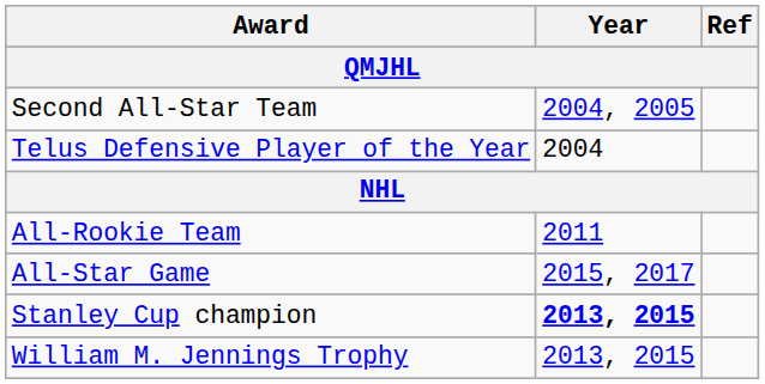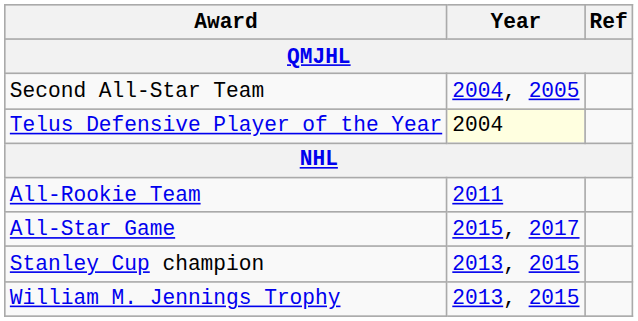 <table class="wikitable">
 <tr>
 <th>Award</th>
 <th>Year</th>
 <th>Ref</th>
 </tr>
 <tr>
 <th colspan="3"><a href='#'>QMJHL</a></th>
 </tr>
 <tr>
 <td>Second All-Star Team</td>
 <td><a href='#'>2004</a>, <a href='#'>2005</a></td>
 <td></td>
 </tr>
 <tr>
 <td><a href='#'>Telus Defensive Player of the Year</a></td>
-<td>2004</td>
+<td style="background: lightyellow;">2004</td>
 <td></td>
 </tr>
 <tr>
 <th colspan="3"><a href='#'>NHL</a></th>
 </tr>
 <tr>
 <td><a href='#'>All-Rookie Team</a></td>
 <td><a href='#'>2011</a></td>
 <td></td>
 </tr>
 <tr>
 <td><a href='#'>All-Star Game</a></td>
 <td><a href='#'>2015</a>, <a href='#'>2017</a></td>
 <td></td>
 </tr>
 <tr>
 <td><a href='#'>Stanley Cup</a> champion</td>
-<td><strong><a href='#'>2013</a>, <a href='#'>2015</a></strong></td>
+<td><a href='#'>2013</a>, <a href='#'>2015</a></td>
 <td></td>
 </tr>
 <tr>
 <td><a href='#'>William M. Jennings Trophy</a></td>
 <td><a href='#'>2013</a>, <a href='#'>2015</a></td>
 <td></td>
 </tr>
 </table>
